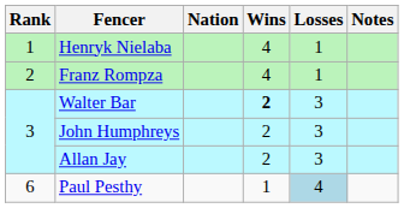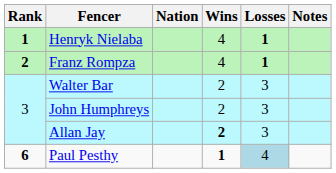 <table class="wikitable sortable" style="text-align:center">
 <tr>
 <th>Rank</th>
 <th>Fencer</th>
 <th>Nation</th>
 <th>Wins</th>
 <th>Losses</th>
 <th>Notes</th>
 </tr>
 <tr bgcolor=bbf3bb>
-<td>1</td>
+<td><strong>1</strong></td>
 <td align=left><a href='#'>Henryk Nielaba</a></td>
 <td align=left></td>
 <td>4</td>
-<td>1</td>
+<td><strong>1</strong></td>
 <td></td>
 </tr>
 <tr bgcolor=bbf3bb>
-<td>2</td>
+<td><strong>2</strong></td>
 <td align=left><a href='#'>Franz Rompza</a></td>
 <td align=left></td>
 <td>4</td>
-<td>1</td>
+<td><strong>1</strong></td>
 <td></td>
 </tr>
 <tr bgcolor=bbf9ff>
 <td rowspan=3>3</td>
 <td align=left><a href='#'>Walter Bar</a></td>
 <td align=left></td>
-<td><strong>2</strong></td>
+<td>2</td>
 <td>3</td>
 <td></td>
 </tr>
 <tr bgcolor=bbf9ff>
 <td align=left><a href='#'>John Humphreys</a></td>
 <td align=left></td>
 <td>2</td>
 <td>3</td>
 <td></td>
 </tr>
 <tr bgcolor=bbf9ff>
 <td align=left><a href='#'>Allan Jay</a></td>
 <td align=left></td>
-<td>2</td>
+<td><strong>2</strong></td>
 <td>3</td>
 <td></td>
 </tr>
 <tr>
-<td>6</td>
+<td><strong>6</strong></td>
 <td align=left><a href='#'>Paul Pesthy</a></td>
 <td align=left></td>
-<td>1</td>
+<td><strong>1</strong></td>
 <td style="background: lightblue;">4</td>
 <td></td>
 </tr>
 </table>
